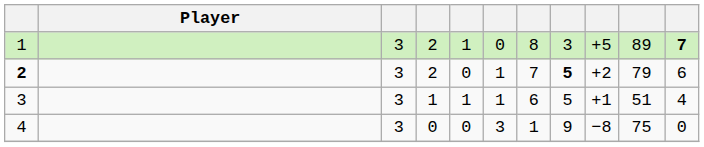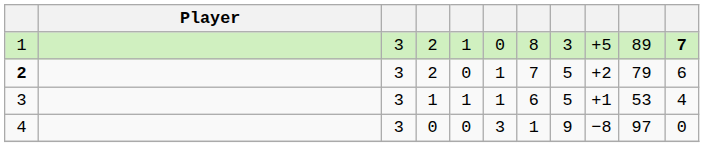 <table class="wikitable" style="text-align:center;">
 <tr>
 <th width=20></th>
 <th width=260>Player</th>
 <th width=20></th>
 <th width=20></th>
 <th width=20></th>
 <th width=20></th>
 <th width=20></th>
 <th width=20></th>
 <th width=20></th>
 <th width=30></th>
 <th width=20></th>
 </tr>
 <tr style="background:#D0F0C0;">
 <td>1</td>
 <td align=left> <small></small></td>
 <td>3</td>
 <td>2</td>
 <td>1</td>
 <td>0</td>
 <td>8</td>
 <td>3</td>
 <td>+5</td>
 <td>89</td>
 <td><strong>7</strong></td>
 </tr>
 <tr>
 <td><strong>2</strong></td>
 <td align=left> <small></small></td>
 <td>3</td>
 <td>2</td>
 <td>0</td>
 <td>1</td>
 <td>7</td>
-<td><strong>5</strong></td>
+<td>5</td>
 <td>+2</td>
 <td>79</td>
 <td>6</td>
 </tr>
 <tr>
 <td>3</td>
 <td align=left> <small></small></td>
 <td>3</td>
 <td>1</td>
 <td>1</td>
 <td>1</td>
 <td>6</td>
 <td>5</td>
 <td>+1</td>
-<td>51</td>
+<td>53</td>
 <td>4</td>
 </tr>
 <tr>
 <td>4</td>
 <td align=left> <small></small></td>
 <td>3</td>
 <td>0</td>
 <td>0</td>
 <td>3</td>
 <td>1</td>
 <td>9</td>
 <td>−8</td>
-<td>75</td>
+<td>97</td>
 <td>0</td>
 </tr>
 <tr>
 </tr>
 </table>
